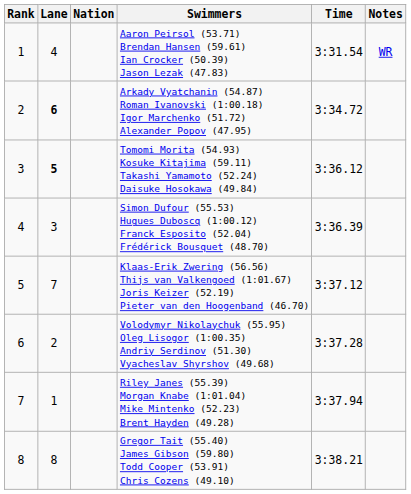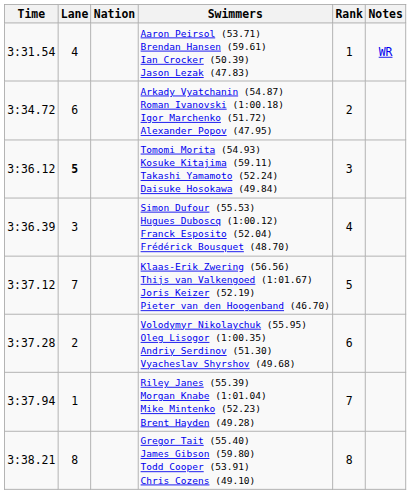 <table class="wikitable sortable" style="text-align:center">
 <tr>
-<th>Rank</th>
+<th>Time</th>
 <th>Lane</th>
 <th>Nation</th>
 <th>Swimmers</th>
-<th>Time</th>
+<th>Rank</th>
 <th>Notes</th>
 </tr>
 <tr>
-<td>1</td>
+<td>3:31.54</td>
 <td>4</td>
 <td align=left></td>
 <td align=left><small> <a href='#'>Aaron Peirsol</a> (53.71)<br><a href='#'>Brendan Hansen</a> (59.61)<br><a href='#'>Ian Crocker</a> (50.39)<br><a href='#'>Jason Lezak</a> (47.83) </small></td>
-<td>3:31.54</td>
+<td>1</td>
 <td><a href='#'>WR</a></td>
 </tr>
 <tr>
-<td>2</td>
-<td><strong>6</strong></td>
+<td>3:34.72</td>
+<td>6</td>
 <td align=left></td>
 <td align=left><small> <a href='#'>Arkady Vyatchanin</a> (54.87)<br><a href='#'>Roman Ivanovski</a> (1:00.18)<br><a href='#'>Igor Marchenko</a> (51.72)<br><a href='#'>Alexander Popov</a> (47.95) </small></td>
-<td>3:34.72</td>
+<td>2</td>
 <td></td>
 </tr>
 <tr>
-<td>3</td>
+<td>3:36.12</td>
 <td><strong>5</strong></td>
 <td align=left></td>
 <td align=left><small> <a href='#'>Tomomi Morita</a> (54.93)<br><a href='#'>Kosuke Kitajima</a> (59.11)<br><a href='#'>Takashi Yamamoto</a> (52.24)<br><a href='#'>Daisuke Hosokawa</a> (49.84) </small></td>
-<td>3:36.12</td>
+<td>3</td>
 <td></td>
 </tr>
 <tr>
-<td>4</td>
+<td>3:36.39</td>
 <td>3</td>
 <td align=left></td>
 <td align=left><small> <a href='#'>Simon Dufour</a> (55.53)<br><a href='#'>Hugues Duboscq</a> (1:00.12)<br><a href='#'>Franck Esposito</a> (52.04)<br><a href='#'>Frédérick Bousquet</a> (48.70) </small></td>
-<td>3:36.39</td>
+<td>4</td>
 <td></td>
 </tr>
 <tr>
-<td>5</td>
+<td>3:37.12</td>
 <td>7</td>
 <td align=left></td>
 <td align=left><small> <a href='#'>Klaas-Erik Zwering</a> (56.56)<br><a href='#'>Thijs van Valkengoed</a> (1:01.67)<br><a href='#'>Joris Keizer</a> (52.19)<br><a href='#'>Pieter van den Hoogenband</a> (46.70) </small></td>
-<td>3:37.12</td>
+<td>5</td>
 <td></td>
 </tr>
 <tr>
-<td>6</td>
+<td>3:37.28</td>
 <td>2</td>
 <td align=left></td>
 <td align=left><small> <a href='#'>Volodymyr Nikolaychuk</a> (55.95)<br><a href='#'>Oleg Lisogor</a> (1:00.35)<br><a href='#'>Andriy Serdinov</a> (51.30)<br><a href='#'>Vyacheslav Shyrshov</a> (49.68) </small></td>
-<td>3:37.28</td>
+<td>6</td>
 <td></td>
 </tr>
 <tr>
-<td>7</td>
+<td>3:37.94</td>
 <td>1</td>
 <td align=left></td>
 <td align=left><small> <a href='#'>Riley Janes</a> (55.39)<br><a href='#'>Morgan Knabe</a> (1:01.04)<br><a href='#'>Mike Mintenko</a> (52.23)<br><a href='#'>Brent Hayden</a> (49.28) </small></td>
-<td>3:37.94</td>
+<td>7</td>
 <td></td>
 </tr>
 <tr>
-<td>8</td>
+<td>3:38.21</td>
 <td>8</td>
 <td align=left></td>
 <td align=left><small> <a href='#'>Gregor Tait</a> (55.40)<br><a href='#'>James Gibson</a> (59.80)<br><a href='#'>Todd Cooper</a> (53.91)<br><a href='#'>Chris Cozens</a> (49.10) </small></td>
-<td>3:38.21</td>
+<td>8</td>
 <td></td>
 </tr>
 </table>
